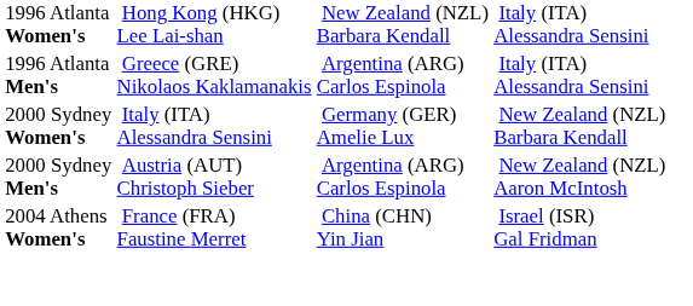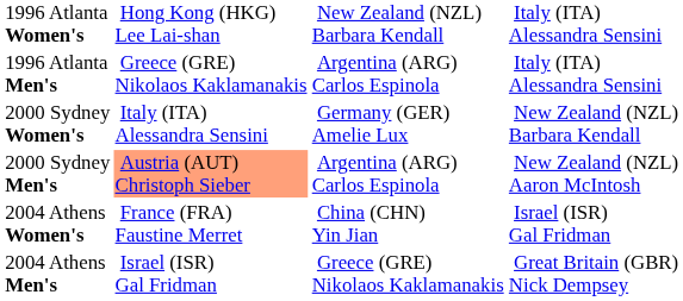 <table>
 <tr>
 <td style="align:center;">1996 Atlanta<br><strong>Women's</strong> <br></td>
 <td style="vertical-align:top;"> <a href='#'>Hong Kong</a> <span>(HKG)</span><br><a href='#'>Lee Lai-shan</a></td>
 <td style="vertical-align:top;"> <a href='#'>New Zealand</a> <span>(NZL)</span><br><a href='#'>Barbara Kendall</a></td>
 <td style="vertical-align:top;"> <a href='#'>Italy</a> <span>(ITA)</span><br><a href='#'>Alessandra Sensini</a></td>
 </tr>
 <tr>
 <td style="align:center;">1996 Atlanta<br><strong>Men's</strong> <br></td>
 <td style="vertical-align:top;"> <a href='#'>Greece</a> <span>(GRE)</span><br><a href='#'>Nikolaos Kaklamanakis</a></td>
 <td style="vertical-align:top;"> <a href='#'>Argentina</a> <span>(ARG)</span><br><a href='#'>Carlos Espinola</a></td>
 <td style="vertical-align:top;"> <a href='#'>Italy</a> <span>(ITA)</span><br><a href='#'>Alessandra Sensini</a></td>
 </tr>
 <tr>
 <td style="align:center;">2000 Sydney<br><strong>Women's</strong> <br></td>
 <td style="vertical-align:top;"> <a href='#'>Italy</a> <span>(ITA)</span><br><a href='#'>Alessandra Sensini</a></td>
 <td style="vertical-align:top;"> <a href='#'>Germany</a> <span>(GER)</span><br><a href='#'>Amelie Lux</a></td>
 <td style="vertical-align:top;"> <a href='#'>New Zealand</a> <span>(NZL)</span><br><a href='#'>Barbara Kendall</a></td>
 </tr>
 <tr>
 <td style="align:center;">2000 Sydney<br><strong>Men's</strong> <br></td>
-<td style="vertical-align:top;"> <a href='#'>Austria</a> <span>(AUT)</span><br><a href='#'>Christoph Sieber</a></td>
+<td style="background: lightsalmon; vertical-align:top;"> <a href='#'>Austria</a> <span>(AUT)</span><br><a href='#'>Christoph Sieber</a></td>
 <td style="vertical-align:top;"> <a href='#'>Argentina</a> <span>(ARG)</span><br><a href='#'>Carlos Espinola</a></td>
 <td style="vertical-align:top;"> <a href='#'>New Zealand</a> <span>(NZL)</span><br><a href='#'>Aaron McIntosh</a></td>
 </tr>
 <tr>
 <td style="align:center;">2004 Athens<br><strong>Women's</strong> <br></td>
 <td style="vertical-align:top;"> <a href='#'>France</a> <span>(FRA)</span><br><a href='#'>Faustine Merret</a></td>
 <td style="vertical-align:top;"> <a href='#'>China</a> <span>(CHN)</span><br><a href='#'>Yin Jian</a></td>
 <td style="vertical-align:top;"> <a href='#'>Israel</a> <span>(ISR)</span><br><a href='#'>Gal Fridman</a></td>
 </tr>
+<tr>
+<td style="align:center;">2004 Athens<br><strong>Men's</strong> <br></td>
+<td style="vertical-align:top;"> <a href='#'>Israel</a> <span>(ISR)</span><br><a href='#'>Gal Fridman</a></td>
+<td style="vertical-align:top;"> <a href='#'>Greece</a> <span>(GRE)</span><br><a href='#'>Nikolaos Kaklamanakis</a></td>
+<td style="vertical-align:top;"> <a href='#'>Great Britain</a> <span>(GBR)</span><br><a href='#'>Nick Dempsey</a></td>
+</tr>
 </table>
